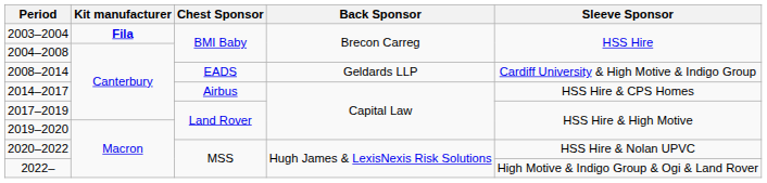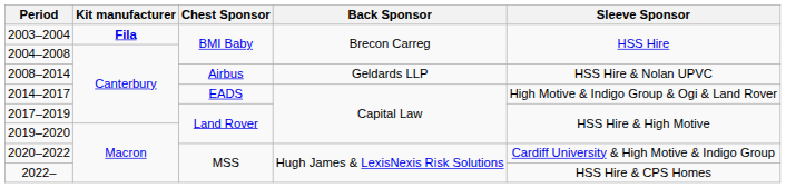 <table class="wikitable" style="text-align:center; vertical-align:middle;">
 <tr style="font-weight:bold;">
 <th>Period</th>
 <th>Kit manufacturer</th>
 <th>Chest Sponsor</th>
 <th>Back Sponsor</th>
 <th>Sleeve Sponsor</th>
 </tr>
 <tr>
 <td>2003–2004</td>
 <td><strong><a href='#'>Fila</a></strong></td>
 <td rowspan="2"><a href='#'>BMI Baby</a></td>
 <td rowspan="2">Brecon Carreg</td>
 <td rowspan="2"><a href='#'>HSS Hire</a></td>
 </tr>
 <tr>
 <td>2004–2008</td>
 <td rowspan="4"><a href='#'>Canterbury</a></td>
 </tr>
 <tr>
 <td>2008–2014</td>
-<td><a href='#'>EADS</a></td>
+<td><a href='#'>Airbus</a></td>
 <td>Geldards LLP</td>
-<td><a href='#'>Cardiff University</a> & High Motive & Indigo Group</td>
+<td>HSS Hire & Nolan UPVC</td>
 </tr>
 <tr>
 <td>2014–2017</td>
-<td><a href='#'>Airbus</a></td>
+<td><a href='#'>EADS</a></td>
 <td rowspan="3">Capital Law</td>
-<td>HSS Hire & CPS Homes</td>
+<td>High Motive & Indigo Group & Ogi  & Land Rover</td>
 </tr>
 <tr>
 <td>2017–2019</td>
 <td rowspan="2"><a href='#'>Land Rover</a></td>
 <td rowspan="2">HSS Hire & High Motive</td>
 </tr>
 <tr>
 <td>2019–2020</td>
 <td rowspan="3"><a href='#'>Macron</a></td>
 </tr>
 <tr>
 <td>2020–2022</td>
 <td rowspan="2">MSS</td>
 <td rowspan="2">Hugh James & <a href='#'>LexisNexis Risk Solutions</a></td>
-<td>HSS Hire & Nolan UPVC</td>
+<td><a href='#'>Cardiff University</a> & High Motive & Indigo Group</td>
 </tr>
 <tr>
 <td>2022–</td>
-<td>High Motive & Indigo Group & Ogi  & Land Rover</td>
+<td>HSS Hire & CPS Homes</td>
 </tr>
 </table>
